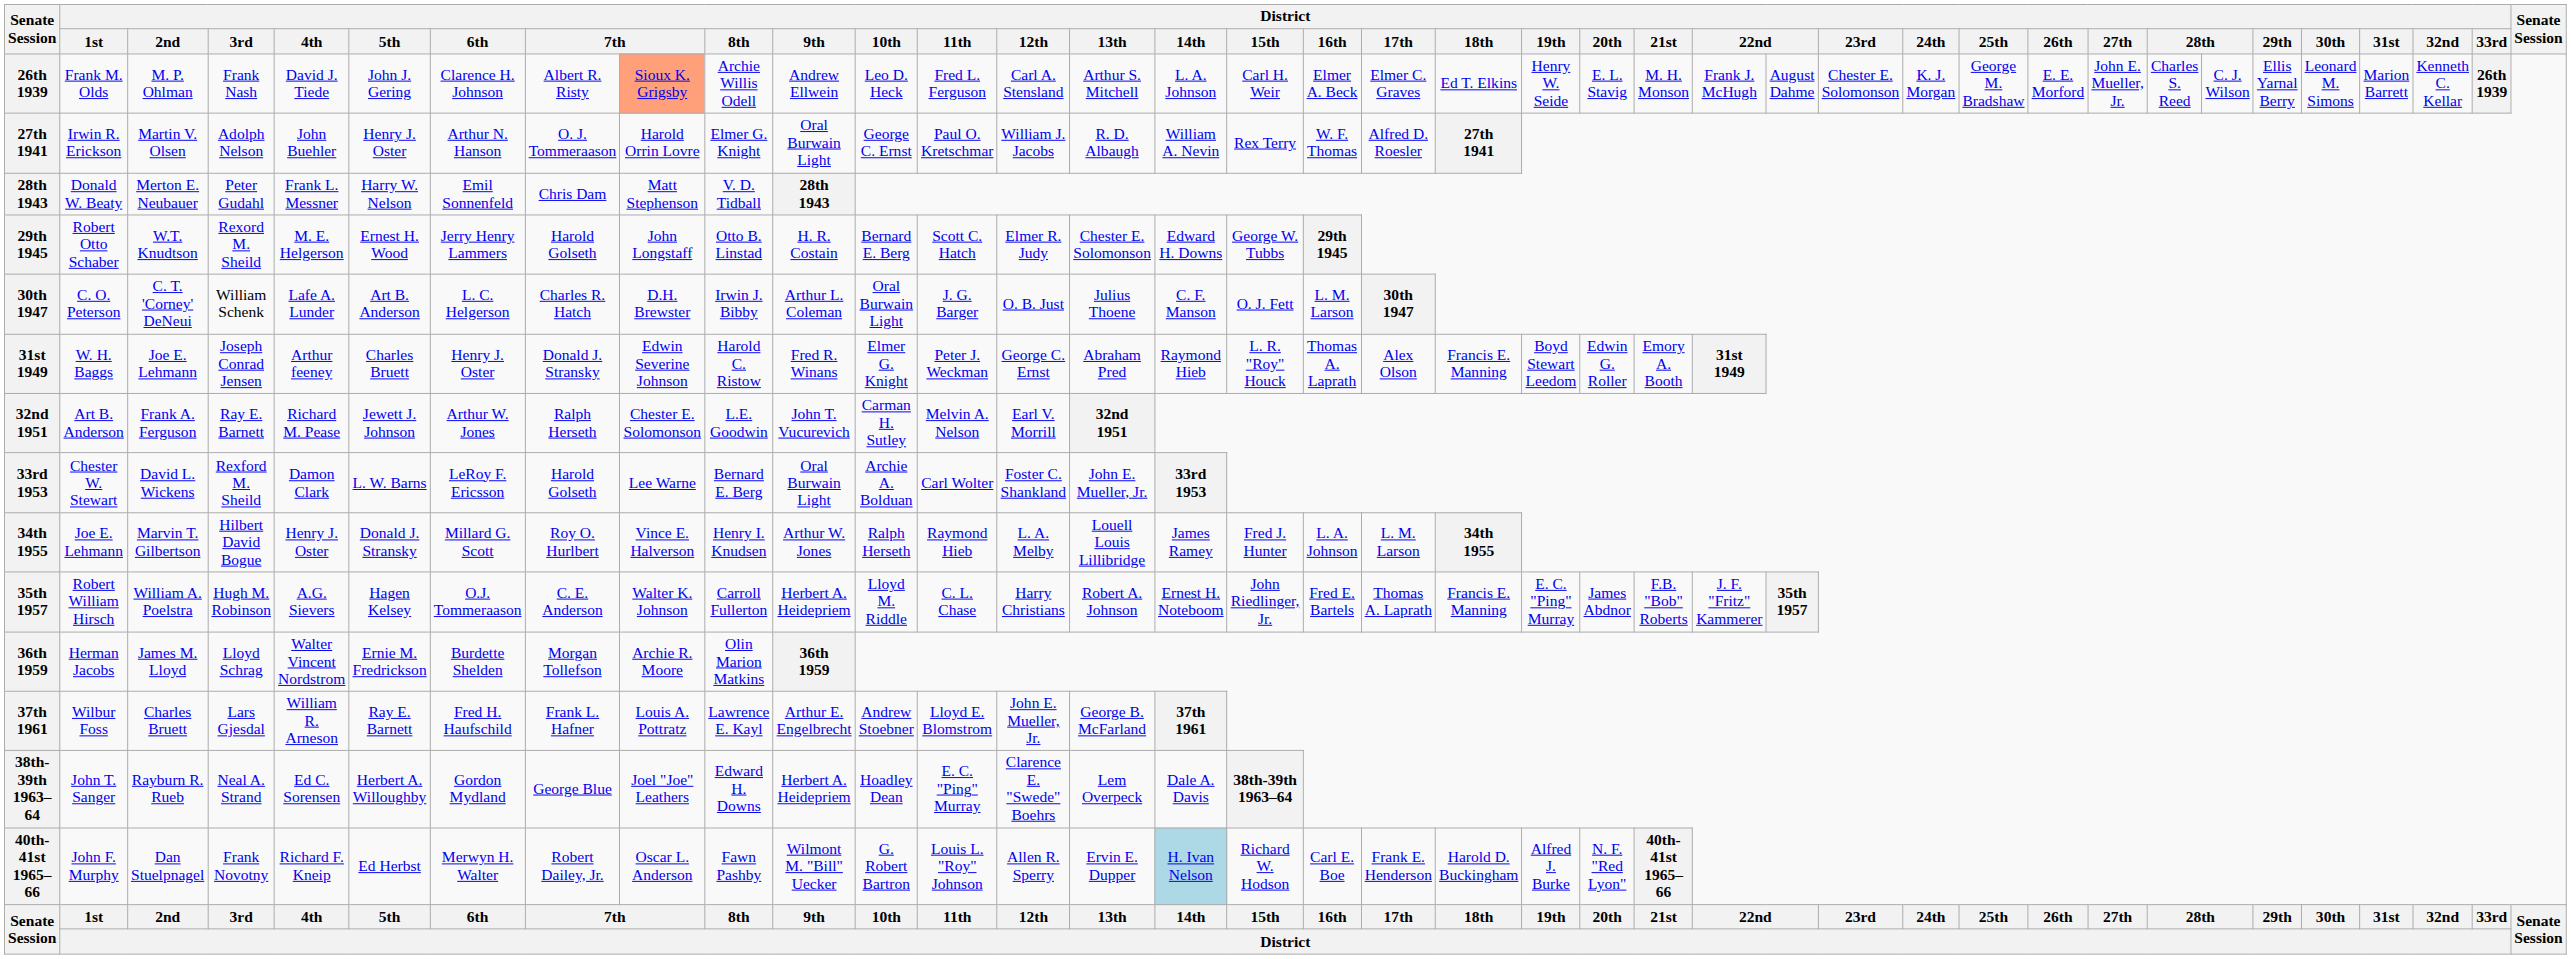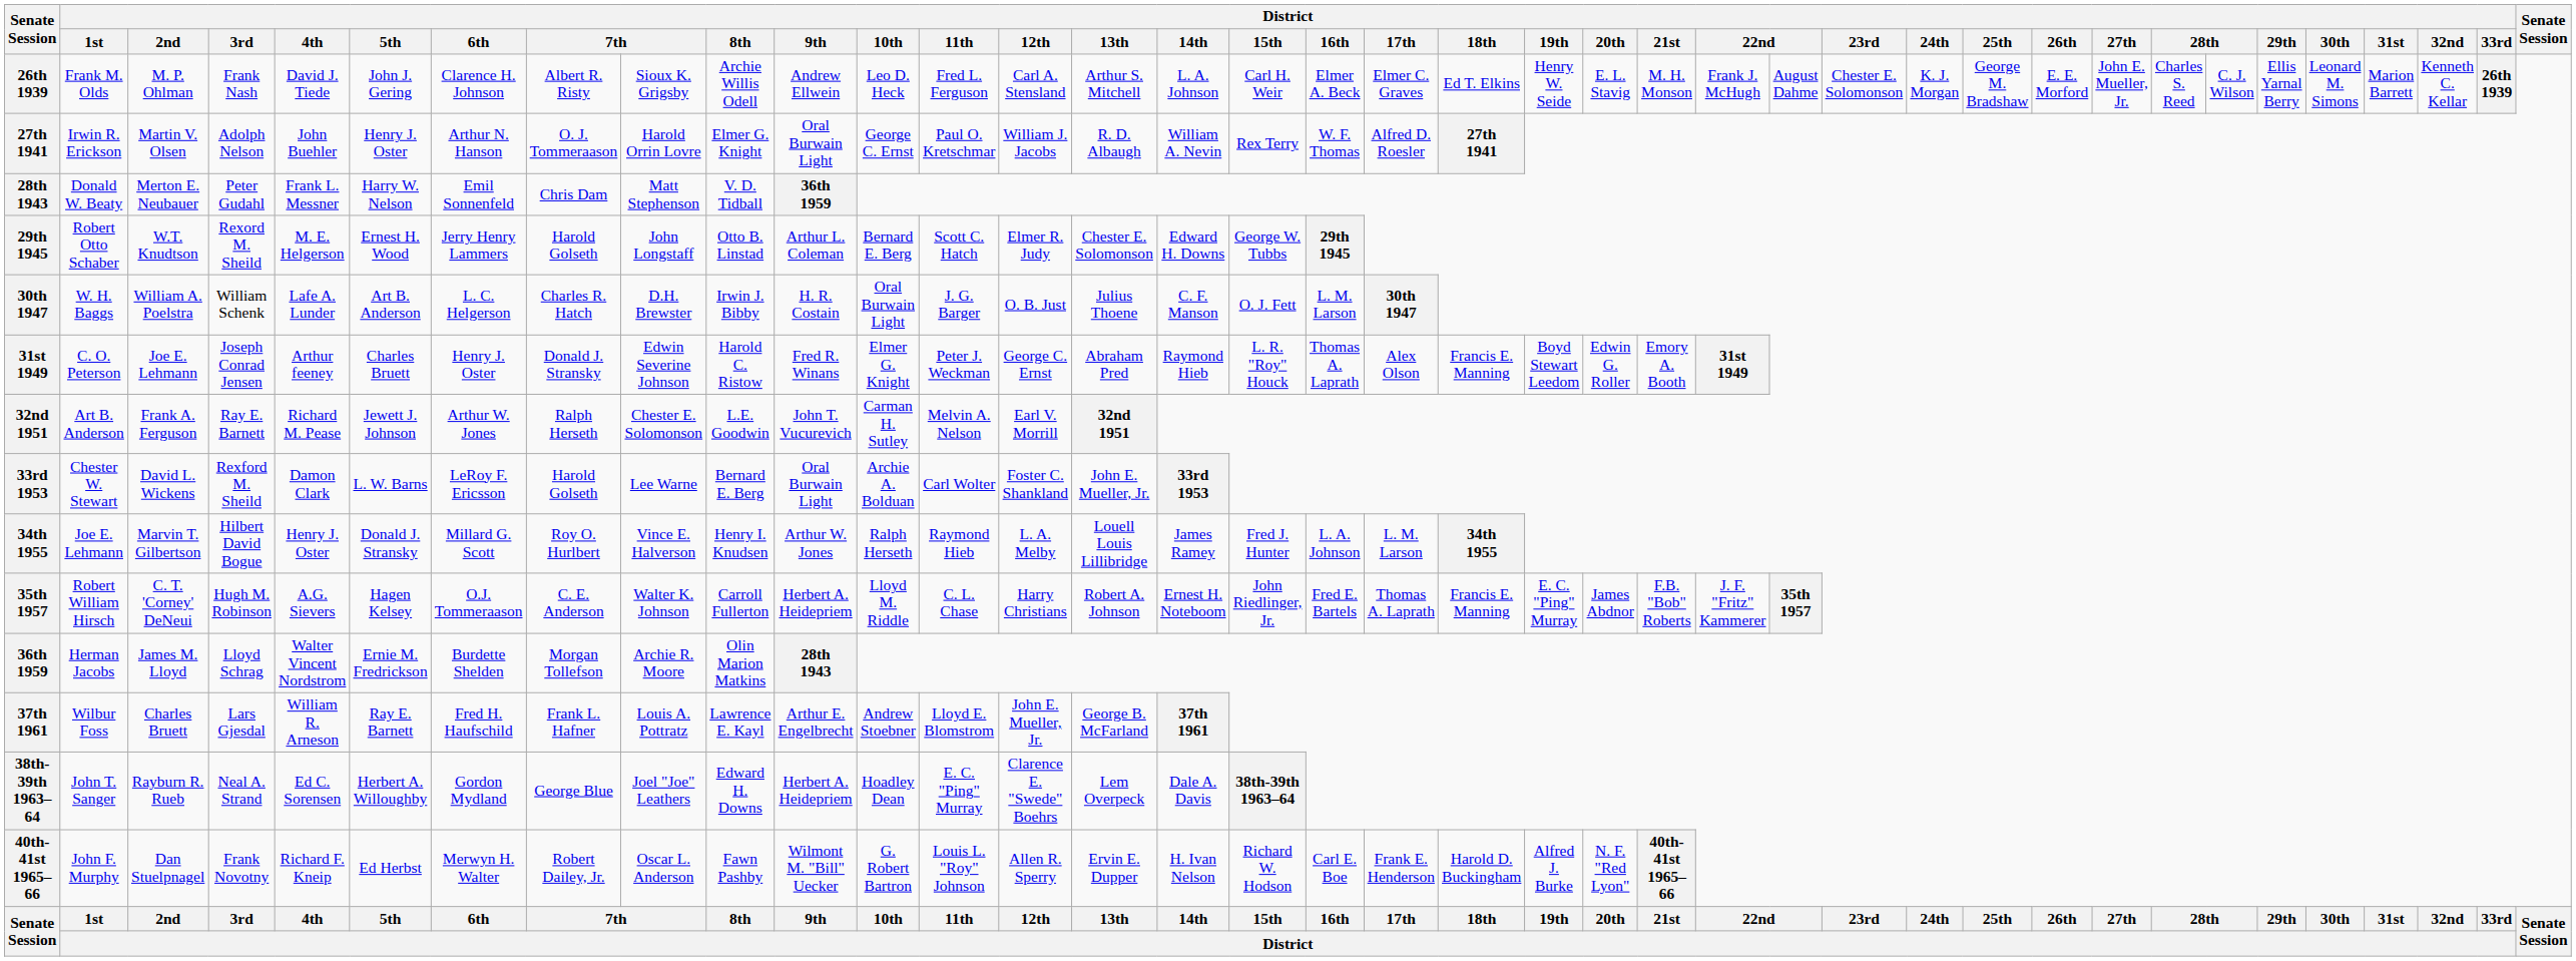 <table class="wikitable" width=100%>
 <tr>
 <th rowspan="2" width="15%">Senate Session</th>
 <th colspan="36">District</th>
 <th rowspan="2" width="15%">Senate Session</th>
 </tr>
 <tr>
 <th>1st</th>
 <th>2nd</th>
 <th>3rd</th>
 <th>4th</th>
 <th>5th</th>
 <th>6th</th>
 <th colspan="2">7th</th>
 <th>8th</th>
 <th>9th</th>
 <th>10th</th>
 <th>11th</th>
 <th>12th</th>
 <th>13th</th>
 <th>14th</th>
 <th>15th</th>
 <th>16th</th>
 <th>17th</th>
 <th>18th</th>
 <th>19th</th>
 <th>20th</th>
 <th>21st</th>
 <th colspan="2">22nd</th>
 <th>23rd</th>
 <th>24th</th>
 <th>25th</th>
 <th>26th</th>
 <th>27th</th>
 <th colspan="2">28th</th>
 <th>29th</th>
 <th>30th</th>
 <th>31st</th>
 <th>32nd</th>
 <th>33rd</th>
 </tr>
 <tr align=center>
 <th>26th<br>1939</th>
 <td><a href='#'>Frank M. Olds</a></td>
 <td><a href='#'>M. P. Ohlman</a></td>
 <td><a href='#'>Frank Nash</a></td>
 <td><a href='#'>David J. Tiede</a></td>
 <td><a href='#'>John J. Gering</a></td>
 <td><a href='#'>Clarence H. Johnson</a></td>
 <td><a href='#'>Albert R. Risty</a></td>
-<td style="background: lightsalmon;"><a href='#'>Sioux K. Grigsby</a></td>
+<td><a href='#'>Sioux K. Grigsby</a></td>
 <td><a href='#'>Archie Willis Odell</a></td>
 <td><a href='#'>Andrew Ellwein</a></td>
 <td><a href='#'>Leo D. Heck</a></td>
 <td><a href='#'>Fred L. Ferguson</a></td>
 <td><a href='#'>Carl A. Stensland</a></td>
 <td><a href='#'>Arthur S. Mitchell</a></td>
 <td><a href='#'>L. A. Johnson</a><br></td>
 <td><a href='#'>Carl H. Weir</a></td>
 <td><a href='#'>Elmer A. Beck</a></td>
 <td><a href='#'>Elmer C. Graves</a></td>
 <td><a href='#'>Ed T. Elkins</a></td>
 <td><a href='#'>Henry W. Seide</a></td>
 <td><a href='#'>E. L. Stavig</a></td>
 <td><a href='#'>M. H. Monson</a></td>
 <td><a href='#'>Frank J. McHugh</a></td>
 <td><a href='#'>August Dahme</a></td>
 <td><a href='#'>Chester E. Solomonson</a></td>
 <td><a href='#'>K. J. Morgan</a></td>
 <td><a href='#'>George M. Bradshaw</a></td>
 <td><a href='#'>E. E. Morford</a></td>
 <td><a href='#'>John E. Mueller, Jr.</a></td>
 <td><a href='#'>Charles S. Reed</a><br></td>
 <td><a href='#'>C. J. Wilson</a></td>
 <td><a href='#'>Ellis Yarnal Berry</a></td>
 <td><a href='#'>Leonard M. Simons</a></td>
 <td><a href='#'>Marion Barrett</a></td>
 <td><a href='#'>Kenneth C. Kellar</a></td>
 <th>26th<br>1939</th>
 </tr>
 <tr align=center>
 <th>27th<br>1941</th>
 <td><a href='#'>Irwin R. Erickson</a></td>
 <td><a href='#'>Martin V. Olsen</a></td>
 <td><a href='#'>Adolph Nelson</a></td>
 <td><a href='#'>John Buehler</a></td>
 <td><a href='#'>Henry J. Oster</a></td>
 <td><a href='#'>Arthur N. Hanson</a></td>
 <td><a href='#'>O. J. Tommeraason</a></td>
 <td><a href='#'>Harold Orrin Lovre</a></td>
 <td><a href='#'>Elmer G. Knight</a></td>
 <td><a href='#'>Oral Burwain Light</a></td>
 <td><a href='#'>George C. Ernst</a></td>
 <td><a href='#'>Paul O. Kretschmar</a></td>
 <td><a href='#'>William J. Jacobs</a></td>
 <td><a href='#'>R. D. Albaugh</a></td>
 <td><a href='#'>William A. Nevin</a></td>
 <td><a href='#'>Rex Terry</a></td>
 <td><a href='#'>W. F. Thomas</a></td>
 <td><a href='#'>Alfred D. Roesler</a></td>
 <th>27th<br>1941</th>
 </tr>
 <tr align=center>
 <th>28th<br>1943</th>
 <td><a href='#'>Donald W. Beaty</a></td>
 <td><a href='#'>Merton E. Neubauer</a><br></td>
 <td><a href='#'>Peter Gudahl</a></td>
 <td><a href='#'>Frank L. Messner</a></td>
 <td><a href='#'>Harry W. Nelson</a></td>
 <td><a href='#'>Emil Sonnenfeld</a></td>
 <td><a href='#'>Chris Dam</a></td>
 <td><a href='#'>Matt Stephenson</a></td>
 <td><a href='#'>V. D. Tidball</a><br></td>
-<th>28th<br>1943</th>
+<th>36th<br>1959</th>
 </tr>
 <tr align=center>
 <th>29th<br>1945</th>
 <td><a href='#'>Robert Otto Schaber</a></td>
 <td><a href='#'>W.T. Knudtson</a></td>
 <td><a href='#'>Rexord M. Sheild</a></td>
 <td><a href='#'>M. E. Helgerson</a></td>
 <td><a href='#'>Ernest H. Wood</a></td>
 <td><a href='#'>Jerry Henry Lammers</a></td>
 <td><a href='#'>Harold Golseth</a></td>
 <td><a href='#'>John Longstaff</a><br></td>
 <td><a href='#'>Otto B. Linstad</a></td>
-<td><a href='#'>H. R. Costain</a></td>
+<td><a href='#'>Arthur L. Coleman</a></td>
 <td><a href='#'>Bernard E. Berg</a></td>
 <td><a href='#'>Scott C. Hatch</a></td>
 <td><a href='#'>Elmer R. Judy</a></td>
 <td><a href='#'>Chester E. Solomonson</a></td>
 <td><a href='#'>Edward H. Downs</a></td>
 <td><a href='#'>George W. Tubbs</a></td>
 <th>29th<br>1945</th>
 </tr>
 <tr align=center>
 <th>30th<br>1947</th>
-<td><a href='#'>C. O. Peterson</a></td>
-<td><a href='#'>C. T. 'Corney' DeNeui</a></td>
+<td><a href='#'>W. H. Baggs</a></td>
+<td><a href='#'>William A. Poelstra</a></td>
 <td>William Schenk</td>
 <td><a href='#'>Lafe A. Lunder</a></td>
 <td><a href='#'>Art B. Anderson</a></td>
 <td><a href='#'>L. C. Helgerson</a></td>
 <td><a href='#'>Charles R. Hatch</a></td>
 <td><a href='#'>D.H. Brewster</a></td>
 <td><a href='#'>Irwin J. Bibby</a></td>
-<td><a href='#'>Arthur L. Coleman</a></td>
+<td><a href='#'>H. R. Costain</a></td>
 <td><a href='#'>Oral Burwain Light</a></td>
 <td><a href='#'>J. G. Barger</a></td>
 <td><a href='#'>O. B. Just</a></td>
 <td><a href='#'>Julius Thoene</a></td>
 <td><a href='#'>C. F. Manson</a><br></td>
 <td><a href='#'>O. J. Fett</a></td>
 <td><a href='#'>L. M. Larson</a></td>
 <th>30th<br>1947</th>
 </tr>
 <tr align=center>
 <th>31st<br>1949</th>
-<td><a href='#'>W. H. Baggs</a></td>
+<td><a href='#'>C. O. Peterson</a></td>
 <td><a href='#'>Joe E. Lehmann</a></td>
 <td><a href='#'>Joseph Conrad Jensen</a></td>
 <td><a href='#'>Arthur feeney</a></td>
 <td><a href='#'>Charles Bruett</a></td>
 <td><a href='#'>Henry J. Oster</a></td>
 <td><a href='#'>Donald J. Stransky</a></td>
 <td><a href='#'>Edwin Severine Johnson</a></td>
 <td><a href='#'>Harold C. Ristow</a></td>
 <td><a href='#'>Fred R. Winans</a></td>
 <td><a href='#'>Elmer G. Knight</a></td>
 <td><a href='#'>Peter J. Weckman</a></td>
 <td><a href='#'>George C. Ernst</a></td>
 <td><a href='#'>Abraham Pred</a></td>
 <td><a href='#'>Raymond Hieb</a></td>
 <td><a href='#'>L. R. "Roy" Houck</a></td>
 <td><a href='#'>Thomas A. Laprath</a></td>
 <td><a href='#'>Alex Olson</a></td>
 <td><a href='#'>Francis E. Manning</a></td>
 <td><a href='#'>Boyd Stewart Leedom</a></td>
 <td><a href='#'>Edwin G. Roller</a></td>
 <td><a href='#'>Emory A. Booth</a></td>
 <th>31st<br>1949</th>
 </tr>
 <tr align=center>
 <th>32nd<br>1951</th>
 <td><a href='#'>Art B. Anderson</a></td>
 <td><a href='#'>Frank A. Ferguson</a></td>
 <td><a href='#'>Ray E. Barnett</a></td>
 <td><a href='#'>Richard M. Pease</a></td>
 <td><a href='#'>Jewett J. Johnson</a></td>
 <td><a href='#'>Arthur W. Jones</a></td>
 <td><a href='#'>Ralph Herseth</a></td>
 <td><a href='#'>Chester E. Solomonson</a><br></td>
 <td><a href='#'>L.E. Goodwin</a></td>
 <td><a href='#'>John T. Vucurevich</a></td>
 <td><a href='#'>Carman H. Sutley</a></td>
 <td><a href='#'>Melvin A. Nelson</a></td>
 <td><a href='#'>Earl V. Morrill</a></td>
 <th>32nd<br>1951</th>
 </tr>
 <tr align=center>
 <th>33rd<br>1953</th>
 <td><a href='#'>Chester W. Stewart</a></td>
 <td><a href='#'>David L. Wickens</a></td>
 <td><a href='#'>Rexford M. Sheild</a></td>
 <td><a href='#'>Damon Clark</a></td>
 <td><a href='#'>L. W. Barns</a></td>
 <td><a href='#'>LeRoy F. Ericsson</a></td>
 <td><a href='#'>Harold Golseth</a></td>
 <td><a href='#'>Lee Warne</a></td>
 <td><a href='#'>Bernard E. Berg</a></td>
 <td><a href='#'>Oral Burwain Light</a></td>
 <td><a href='#'>Archie A. Bolduan</a></td>
 <td><a href='#'>Carl Wolter</a></td>
 <td><a href='#'>Foster C. Shankland</a></td>
 <td><a href='#'>John E. Mueller, Jr.</a></td>
 <th>33rd<br>1953</th>
 </tr>
 <tr align=center>
 <th>34th<br>1955</th>
 <td><a href='#'>Joe E. Lehmann</a><br></td>
 <td><a href='#'>Marvin T. Gilbertson</a></td>
 <td><a href='#'>Hilbert David Bogue</a></td>
 <td><a href='#'>Henry J. Oster</a></td>
 <td><a href='#'>Donald J. Stransky</a><br></td>
 <td><a href='#'>Millard G. Scott</a></td>
 <td><a href='#'>Roy O. Hurlbert</a></td>
 <td><a href='#'>Vince E. Halverson</a></td>
 <td><a href='#'>Henry I. Knudsen</a></td>
 <td><a href='#'>Arthur W. Jones</a></td>
 <td><a href='#'>Ralph Herseth</a></td>
 <td><a href='#'>Raymond Hieb</a></td>
 <td><a href='#'>L. A. Melby</a></td>
 <td><a href='#'>Louell Louis Lillibridge</a></td>
 <td><a href='#'>James Ramey</a></td>
 <td><a href='#'>Fred J. Hunter</a></td>
 <td><a href='#'>L. A. Johnson</a></td>
 <td><a href='#'>L. M. Larson</a></td>
 <th>34th<br>1955</th>
 </tr>
 <tr align=center>
 <th>35th<br>1957</th>
 <td><a href='#'>Robert William Hirsch</a></td>
-<td><a href='#'>William A. Poelstra</a></td>
+<td><a href='#'>C. T. 'Corney' DeNeui</a></td>
 <td><a href='#'>Hugh M. Robinson</a></td>
 <td><a href='#'>A.G. Sievers</a></td>
 <td><a href='#'>Hagen Kelsey</a><br></td>
 <td><a href='#'>O.J. Tommeraason</a></td>
 <td><a href='#'>C. E. Anderson</a></td>
 <td><a href='#'>Walter K. Johnson</a></td>
 <td><a href='#'>Carroll Fullerton</a><br></td>
 <td><a href='#'>Herbert A. Heidepriem</a></td>
 <td><a href='#'>Lloyd M. Riddle</a></td>
 <td><a href='#'>C. L. Chase</a></td>
 <td><a href='#'>Harry Christians</a></td>
 <td><a href='#'>Robert A. Johnson</a></td>
 <td><a href='#'>Ernest H. Noteboom</a></td>
 <td><a href='#'>John Riedlinger, Jr.</a></td>
 <td><a href='#'>Fred E. Bartels</a></td>
 <td><a href='#'>Thomas A. Laprath</a></td>
 <td><a href='#'>Francis E. Manning</a></td>
 <td><a href='#'>E. C. "Ping" Murray</a></td>
 <td><a href='#'>James Abdnor</a></td>
 <td><a href='#'>F.B. "Bob" Roberts</a><br></td>
 <td><a href='#'>J. F. "Fritz" Kammerer</a></td>
 <th>35th<br>1957</th>
 </tr>
 <tr align=center>
 <th>36th<br>1959</th>
 <td><a href='#'>Herman Jacobs</a></td>
 <td><a href='#'>James M. Lloyd</a></td>
 <td><a href='#'>Lloyd Schrag</a></td>
 <td><a href='#'>Walter Vincent Nordstrom</a></td>
 <td><a href='#'>Ernie M. Fredrickson</a></td>
 <td><a href='#'>Burdette Shelden</a></td>
 <td><a href='#'>Morgan Tollefson</a></td>
 <td><a href='#'>Archie R. Moore</a></td>
 <td><a href='#'>Olin Marion Matkins</a></td>
-<th>36th<br>1959</th>
+<th>28th<br>1943</th>
 </tr>
 <tr align=center>
 <th>37th<br>1961</th>
 <td><a href='#'>Wilbur Foss</a><br></td>
 <td><a href='#'>Charles Bruett</a></td>
 <td><a href='#'>Lars Gjesdal</a><br></td>
 <td><a href='#'>William R. Arneson</a></td>
 <td><a href='#'>Ray E. Barnett</a></td>
 <td><a href='#'>Fred H. Haufschild</a></td>
 <td><a href='#'>Frank L. Hafner</a><br></td>
 <td><a href='#'>Louis A. Pottratz</a></td>
 <td><a href='#'>Lawrence E. Kayl</a></td>
 <td><a href='#'>Arthur E. Engelbrecht</a></td>
 <td><a href='#'>Andrew Stoebner</a></td>
 <td><a href='#'>Lloyd E. Blomstrom</a></td>
 <td><a href='#'>John E. Mueller, Jr.</a></td>
 <td><a href='#'>George B. McFarland</a></td>
 <th>37th<br>1961</th>
 </tr>
 <tr align=center>
 <th>38th-39th<br>1963–64</th>
 <td><a href='#'>John T. Sanger</a></td>
 <td><a href='#'>Rayburn R. Rueb</a><br></td>
 <td><a href='#'>Neal A. Strand</a></td>
 <td><a href='#'>Ed C. Sorensen</a></td>
 <td><a href='#'>Herbert A. Willoughby</a><br></td>
 <td><a href='#'>Gordon Mydland</a></td>
 <td><a href='#'>George Blue</a></td>
 <td><a href='#'>Joel "Joe" Leathers</a></td>
 <td><a href='#'>Edward H. Downs</a></td>
 <td><a href='#'>Herbert A. Heidepriem</a></td>
 <td><a href='#'>Hoadley Dean</a></td>
 <td><a href='#'>E. C. "Ping" Murray</a></td>
 <td><a href='#'>Clarence E. "Swede" Boehrs</a></td>
 <td><a href='#'>Lem Overpeck</a></td>
 <td><a href='#'>Dale A. Davis</a></td>
 <th>38th-39th<br>1963–64</th>
 </tr>
 <tr align=center>
 <th>40th-41st<br>1965–66</th>
 <td><a href='#'>John F. Murphy</a></td>
 <td><a href='#'>Dan Stuelpnagel</a></td>
 <td><a href='#'>Frank Novotny</a></td>
 <td><a href='#'>Richard F. Kneip</a></td>
 <td><a href='#'>Ed Herbst</a></td>
 <td><a href='#'>Merwyn H. Walter</a></td>
 <td><a href='#'>Robert Dailey, Jr.</a></td>
 <td><a href='#'>Oscar L. Anderson</a></td>
 <td><a href='#'>Fawn Pashby</a></td>
 <td><a href='#'>Wilmont M. "Bill" Uecker</a></td>
 <td><a href='#'>G. Robert Bartron</a></td>
 <td><a href='#'>Louis L. "Roy" Johnson</a></td>
 <td><a href='#'>Allen R. Sperry</a></td>
 <td><a href='#'>Ervin E. Dupper</a></td>
-<td style="background: lightblue;"><a href='#'>H. Ivan Nelson</a></td>
+<td><a href='#'>H. Ivan Nelson</a></td>
 <td><a href='#'>Richard W. Hodson</a></td>
 <td><a href='#'>Carl E. Boe</a></td>
 <td><a href='#'>Frank E. Henderson</a></td>
 <td><a href='#'>Harold D. Buckingham</a></td>
 <td><a href='#'>Alfred J. Burke</a></td>
 <td><a href='#'>N. F. "Red Lyon"</a></td>
 <th>40th-41st<br>1965–66</th>
 </tr>
 <tr>
 <th rowspan="2" width="15%">Senate Session</th>
 <th>1st</th>
 <th>2nd</th>
 <th>3rd</th>
 <th>4th</th>
 <th>5th</th>
 <th>6th</th>
 <th colspan="2">7th</th>
 <th>8th</th>
 <th>9th</th>
 <th>10th</th>
 <th>11th</th>
 <th>12th</th>
 <th>13th</th>
 <th>14th</th>
 <th>15th</th>
 <th>16th</th>
 <th>17th</th>
 <th>18th</th>
 <th>19th</th>
 <th>20th</th>
 <th>21st</th>
 <th colspan="2">22nd</th>
 <th>23rd</th>
 <th>24th</th>
 <th>25th</th>
 <th>26th</th>
 <th>27th</th>
 <th colspan="2">28th</th>
 <th>29th</th>
 <th>30th</th>
 <th>31st</th>
 <th>32nd</th>
 <th>33rd</th>
 <th rowspan="2" width="15%">Senate Session</th>
 </tr>
 <tr>
 <th colspan="36">District</th>
 </tr>
 </table>
